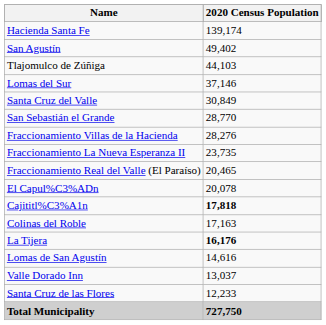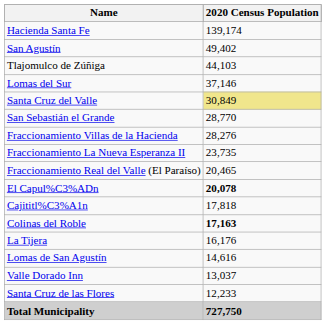 <table class="wikitable">
 <tr style="background:#000000; color:black;">
 <th><strong>Name</strong></th>
 <th><strong>2020 Census Population</strong></th>
 </tr>
 <tr>
 <td><a href='#'>Hacienda Santa Fe</a></td>
 <td>139,174</td>
 </tr>
 <tr>
 <td><a href='#'>San Agustín</a></td>
 <td>49,402</td>
 </tr>
 <tr>
 <td>Tlajomulco de Zúñiga</td>
 <td>44,103</td>
 </tr>
 <tr>
 <td><a href='#'>Lomas del Sur</a></td>
 <td>37,146</td>
 </tr>
 <tr>
 <td><a href='#'>Santa Cruz del Valle</a></td>
-<td>30,849</td>
+<td style="background: khaki;">30,849</td>
 </tr>
 <tr>
 <td><a href='#'>San Sebastián el Grande</a></td>
 <td>28,770</td>
 </tr>
 <tr>
 <td><a href='#'>Fraccionamiento Villas de la Hacienda</a></td>
 <td>28,276</td>
 </tr>
 <tr>
 <td><a href='#'>Fraccionamiento La Nueva Esperanza II</a></td>
 <td>23,735</td>
 </tr>
 <tr>
 <td><a href='#'>Fraccionamiento Real del Valle</a> (El Paraíso)</td>
 <td>20,465</td>
 </tr>
 <tr>
 <td><a href='#'>El Capul%C3%ADn</a></td>
-<td>20,078</td>
+<td><strong>20,078</strong></td>
 </tr>
 <tr>
 <td><a href='#'>Cajititl%C3%A1n</a></td>
-<td><strong>17,818</strong></td>
+<td>17,818</td>
 </tr>
 <tr>
 <td><a href='#'>Colinas del Roble</a></td>
-<td>17,163</td>
+<td><strong>17,163</strong></td>
 </tr>
 <tr>
 <td><a href='#'>La Tijera</a></td>
-<td><strong>16,176</strong></td>
+<td>16,176</td>
 </tr>
 <tr>
 <td><a href='#'>Lomas de San Agustín</a></td>
 <td>14,616</td>
 </tr>
 <tr>
 <td><a href='#'>Valle Dorado Inn</a></td>
 <td>13,037</td>
 </tr>
 <tr>
 <td><a href='#'>Santa Cruz de las Flores</a></td>
 <td>12,233</td>
 </tr>
 <tr style="background:#CFCFCF;">
 <td><strong>Total Municipality</strong></td>
 <td><strong>727,750</strong></td>
 </tr>
 </table>
